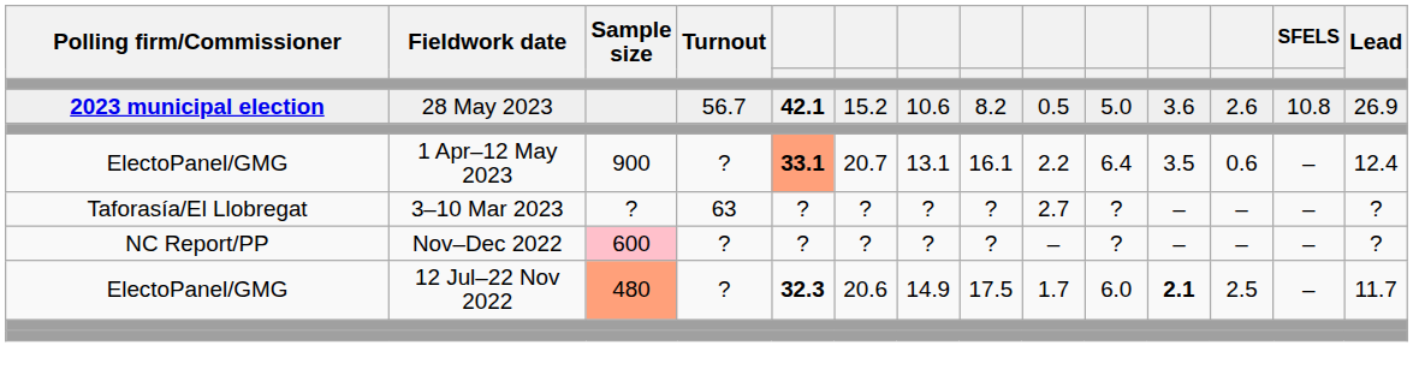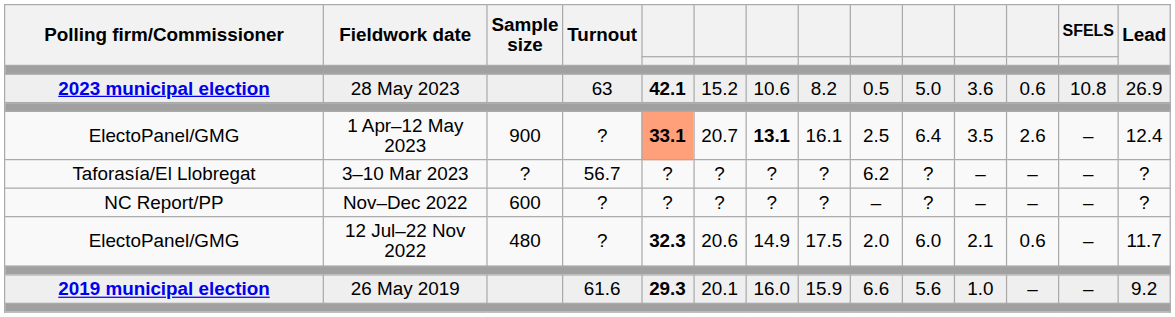 <table class="wikitable collapsible collapsed" style="text-align:center; font-size:95%; line-height:16px;">
 <tr style="height:42px;">
 <th style="width:250px;" rowspan="2">Polling firm/Commissioner</th>
 <th style="width:125px;" rowspan="2">Fieldwork date</th>
 <th style="width:50px;" rowspan="2">Sample size</th>
 <th style="width:45px;" rowspan="2">Turnout</th>
 <th style="width:35px;"></th>
 <th style="width:35px;"></th>
 <th style="width:35px;"></th>
 <th style="width:35px;"></th>
 <th style="width:35px;"></th>
 <th style="width:35px;"><br></th>
 <th style="width:35px;"></th>
 <th style="width:35px;"></th>
 <th style="width:35px; font-size:85%;">SFELS</th>
 <th style="width:30px;" rowspan="2">Lead</th>
 </tr>
 <tr>
 <th style="color:inherit;background:"></th>
 <th style="color:inherit;background:"></th>
 <th style="color:inherit;background:"></th>
 <th style="color:inherit;background:"></th>
 <th style="color:inherit;background:"></th>
 <th style="color:inherit;background:"></th>
 <th style="color:inherit;background:"></th>
 <th style="color:inherit;background:"></th>
 <th style="color:inherit;background:"></th>
 </tr>
 <tr>
 <td colspan="14" style="background:#A0A0A0"></td>
 </tr>
 <tr style="background:#EFEFEF;">
 <td><strong><a href='#'>2023 municipal election</a></strong></td>
 <td>28 May 2023</td>
 <td></td>
-<td>56.7</td>
+<td>63</td>
 <td><strong>42.1</strong><br></td>
 <td>15.2<br></td>
 <td>10.6<br></td>
 <td>8.2<br></td>
 <td>0.5<br></td>
 <td>5.0<br></td>
 <td>3.6<br></td>
-<td>2.6<br></td>
+<td>0.6<br></td>
 <td>10.8<br></td>
 <td style="background:">26.9</td>
 </tr>
 <tr>
 <td colspan="14" style="background:#A0A0A0"></td>
 </tr>
 <tr>
 <td>ElectoPanel/GMG</td>
 <td>1 Apr–12 May 2023</td>
 <td>900</td>
 <td>?</td>
 <td style="background: lightsalmon;"><strong>33.1</strong><br></td>
 <td>20.7<br></td>
-<td>13.1<br></td>
+<td><strong>13.1<br></strong></td>
 <td>16.1<br></td>
-<td>2.2<br></td>
+<td>2.5<br></td>
 <td>6.4<br></td>
 <td>3.5<br></td>
-<td>0.6<br></td>
+<td>2.6<br></td>
 <td>–</td>
 <td style="background:">12.4</td>
 </tr>
 <tr>
 <td>Taforasía/El Llobregat</td>
 <td>3–10 Mar 2023</td>
 <td>?</td>
-<td>63</td>
+<td>56.7</td>
 <td>?<br></td>
 <td>?<br></td>
 <td>?<br></td>
 <td>?<br></td>
-<td>2.7<br></td>
+<td>6.2<br></td>
 <td>?<br></td>
 <td>–</td>
 <td>–</td>
 <td>–</td>
 <td style="background:">?</td>
 </tr>
 <tr>
 <td>NC Report/PP</td>
 <td>Nov–Dec 2022</td>
-<td style="background: pink;">600</td>
+<td>600</td>
 <td>?</td>
 <td>?<br></td>
 <td>?<br></td>
 <td>?<br></td>
 <td>?<br></td>
 <td>–</td>
 <td>?<br></td>
 <td>–</td>
 <td>–</td>
 <td>–</td>
 <td style="background:">?</td>
 </tr>
 <tr>
 <td>ElectoPanel/GMG</td>
 <td>12 Jul–22 Nov 2022</td>
-<td style="background: lightsalmon;">480</td>
+<td>480</td>
 <td>?</td>
 <td><strong>32.3</strong><br></td>
 <td>20.6<br></td>
 <td>14.9<br></td>
 <td>17.5<br></td>
-<td>1.7<br></td>
+<td>2.0<br></td>
 <td>6.0<br></td>
-<td><strong>2.1<br></strong></td>
-<td>2.5<br></td>
+<td>2.1<br></td>
+<td>0.6<br></td>
 <td>–</td>
 <td style="background:">11.7</td>
 </tr>
 <tr>
 <td colspan="14" style="background:#A0A0A0"></td>
 </tr>
+<tr style="background:#EFEFEF;">
+<td><strong><a href='#'>2019 municipal election</a></strong></td>
+<td>26 May 2019</td>
+<td></td>
+<td>61.6</td>
+<td><strong>29.3</strong><br></td>
+<td>20.1<br></td>
+<td>16.0<br></td>
+<td>15.9<br></td>
+<td>6.6<br></td>
+<td>5.6<br></td>
+<td>1.0<br></td>
+<td>–</td>
+<td>–</td>
+<td style="background:">9.2</td>
+</tr>
 <tr>
 <td colspan="14" style="background:#A0A0A0"></td>
 </tr>
 </table>
